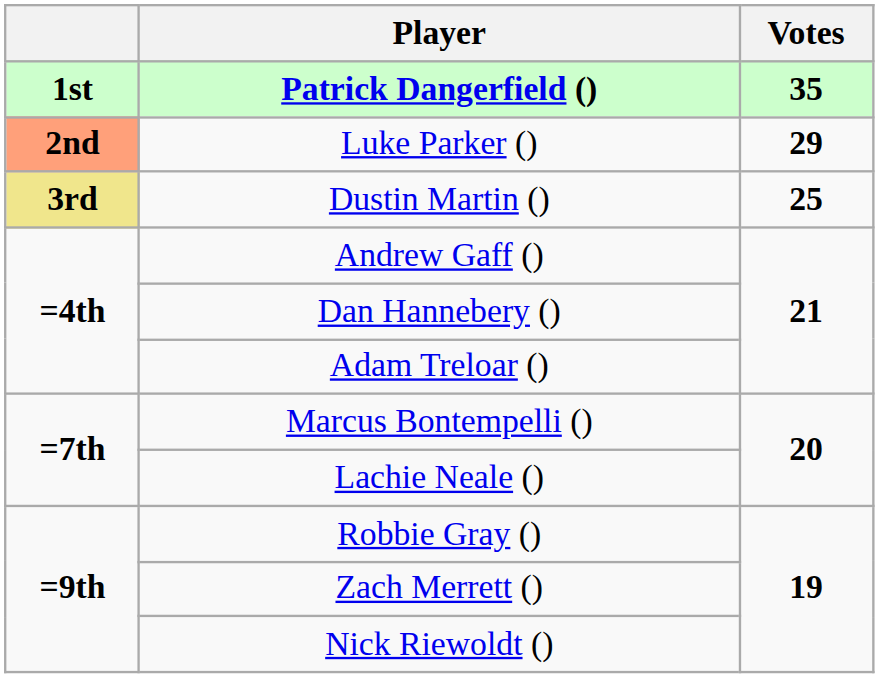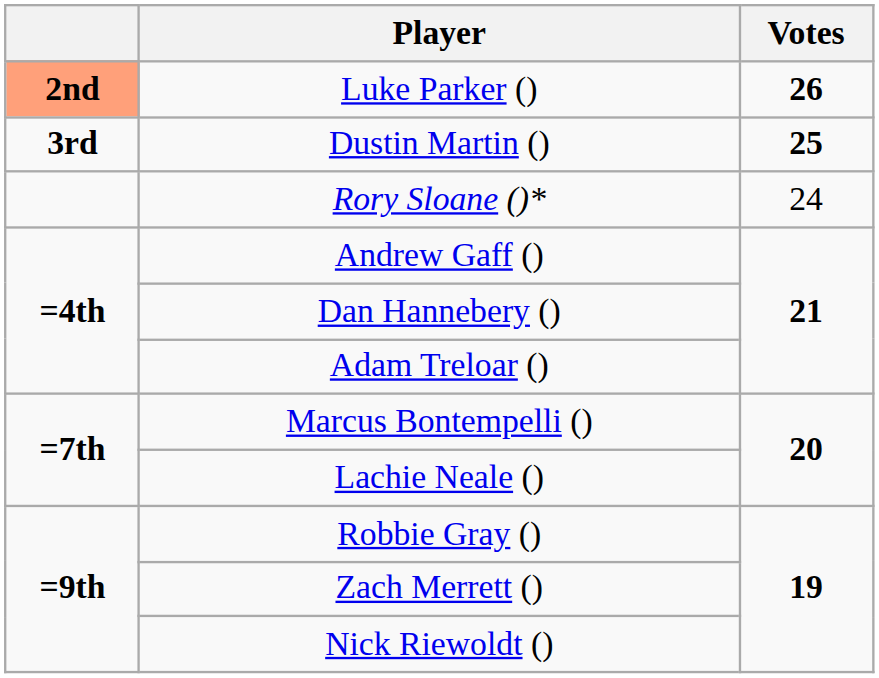 <table class="wikitable" style="margin:1em auto; text-align: center; font-size: 90%;">
 <tr>
 <th style="width:50px;"></th>
 <th style="width:250px;">Player</th>
 <th style="width:50px;">Votes</th>
 </tr>
-<tr style="background:#cfc;">
-<td><strong>1st</strong></td>
-<td><strong><a href='#'>Patrick Dangerfield</a> ()</strong></td>
-<td><strong>35</strong></td>
-</tr>
 <tr>
 <td style="background: lightsalmon;"><strong>2nd</strong></td>
 <td><a href='#'>Luke Parker</a> ()</td>
-<td><strong>29</strong></td>
+<td><strong>26</strong></td>
 </tr>
 <tr>
-<td style="background: khaki;"><strong>3rd</strong></td>
+<td><strong>3rd</strong></td>
 <td><a href='#'>Dustin Martin</a> ()</td>
 <td><strong>25</strong></td>
+</tr>
+<tr>
+<td></td>
+<td><em><a href='#'>Rory Sloane</a> ()*</em></td>
+<td>24</td>
 </tr>
 <tr>
 <td rowspan=3><strong>=4th</strong></td>
 <td><a href='#'>Andrew Gaff</a> ()</td>
 <td rowspan=3><strong>21</strong></td>
 </tr>
 <tr>
 <td><a href='#'>Dan Hannebery</a> ()</td>
 </tr>
 <tr>
 <td><a href='#'>Adam Treloar</a> ()</td>
 </tr>
 <tr>
 <td rowspan=2><strong>=7th</strong></td>
 <td><a href='#'>Marcus Bontempelli</a> ()</td>
 <td rowspan=2><strong>20</strong></td>
 </tr>
 <tr>
 <td><a href='#'>Lachie Neale</a> ()</td>
 </tr>
 <tr>
 <td rowspan=3><strong>=9th</strong></td>
 <td><a href='#'>Robbie Gray</a> ()</td>
 <td rowspan=3><strong>19</strong></td>
 </tr>
 <tr>
 <td><a href='#'>Zach Merrett</a> ()</td>
 </tr>
 <tr>
 <td><a href='#'>Nick Riewoldt</a> ()</td>
 </tr>
 </table>
